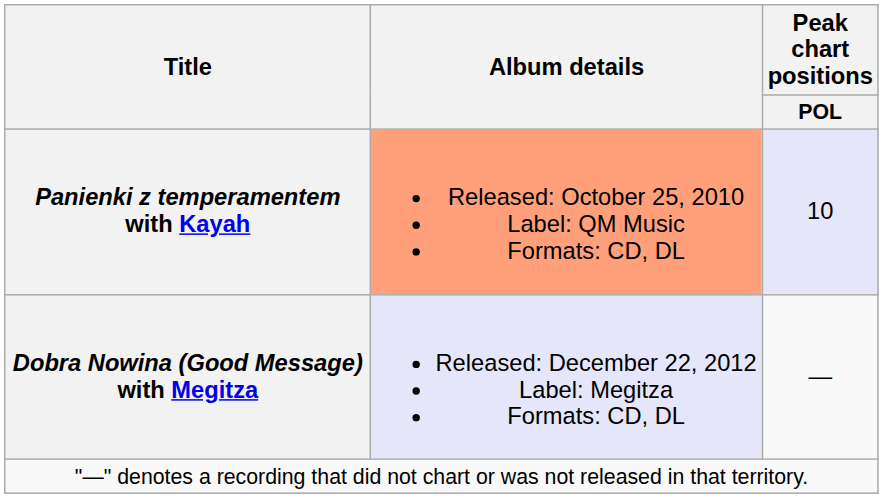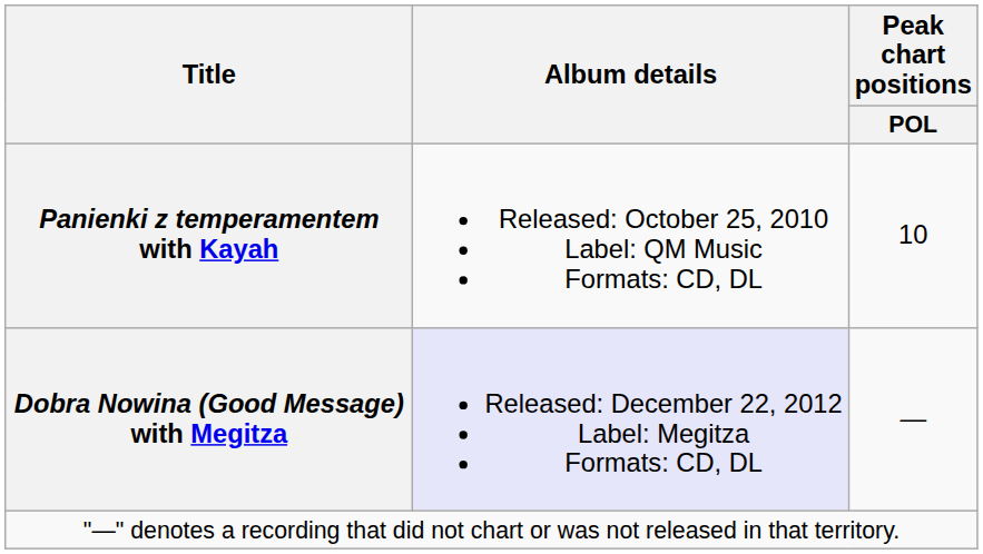 <table class="wikitable plainrowheaders" style="text-align:center;">
 <tr>
 <th scope="col" rowspan="2" style="width:15em;">Title</th>
 <th scope="col" rowspan="2">Album details</th>
 <th scope="col" colspan="1">Peak chart positions</th>
 </tr>
 <tr>
 <th scope="col" style="width:3em;font-size:90%;">POL<br></th>
 </tr>
 <tr>
 <th scope="row"><em>Panienki z temperamentem</em><br>with <a href='#'>Kayah</a></th>
-<td style="background: lightsalmon;"><br><ul><li>Released: October 25, 2010</li><li>Label: QM Music</li><li>Formats: CD, DL</li></ul></td>
-<td style="background: lavender;">10</td>
+<td><br><ul><li>Released: October 25, 2010</li><li>Label: QM Music</li><li>Formats: CD, DL</li></ul></td>
+<td>10</td>
 </tr>
 <tr>
 <th scope="row"><em>Dobra Nowina (Good Message)</em><br>with <a href='#'>Megitza</a></th>
 <td style="background: lavender;"><br><ul><li>Released: December 22, 2012</li><li>Label: Megitza</li><li>Formats: CD, DL</li></ul></td>
 <td>—</td>
 </tr>
 <tr>
 <td colspan="20" style="font-size:90%">"—" denotes a recording that did not chart or was not released in that territory.</td>
 </tr>
 </table>
